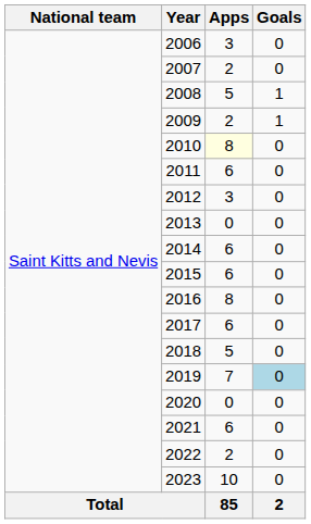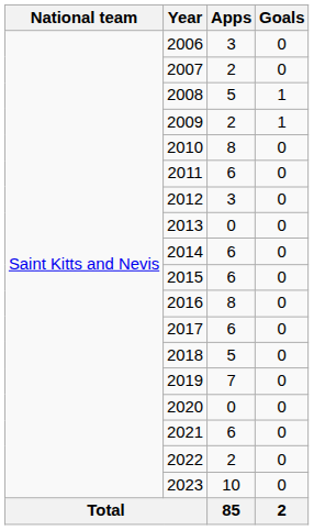 <table class="wikitable" style="text-align:center">
 <tr>
 <th>National team</th>
 <th>Year</th>
 <th>Apps</th>
 <th>Goals</th>
 </tr>
 <tr>
 <td rowspan="18"><a href='#'>Saint Kitts and Nevis</a></td>
 <td>2006</td>
 <td>3</td>
 <td>0</td>
 </tr>
 <tr>
 <td>2007</td>
 <td>2</td>
 <td>0</td>
 </tr>
 <tr>
 <td>2008</td>
 <td>5</td>
 <td>1</td>
 </tr>
 <tr>
 <td>2009</td>
 <td>2</td>
 <td>1</td>
 </tr>
 <tr>
 <td>2010</td>
-<td style="background: lightyellow;">8</td>
+<td>8</td>
 <td>0</td>
 </tr>
 <tr>
 <td>2011</td>
 <td>6</td>
 <td>0</td>
 </tr>
 <tr>
 <td>2012</td>
 <td>3</td>
 <td>0</td>
 </tr>
 <tr>
 <td>2013</td>
 <td>0</td>
 <td>0</td>
 </tr>
 <tr>
 <td>2014</td>
 <td>6</td>
 <td>0</td>
 </tr>
 <tr>
 <td>2015</td>
 <td>6</td>
 <td>0</td>
 </tr>
 <tr>
 <td>2016</td>
 <td>8</td>
 <td>0</td>
 </tr>
 <tr>
 <td>2017</td>
 <td>6</td>
 <td>0</td>
 </tr>
 <tr>
 <td>2018</td>
 <td>5</td>
 <td>0</td>
 </tr>
 <tr>
 <td>2019</td>
 <td>7</td>
-<td style="background: lightblue;">0</td>
+<td>0</td>
 </tr>
 <tr>
 <td>2020</td>
 <td>0</td>
 <td>0</td>
 </tr>
 <tr>
 <td>2021</td>
 <td>6</td>
 <td>0</td>
 </tr>
 <tr>
 <td>2022</td>
 <td>2</td>
 <td>0</td>
 </tr>
 <tr>
 <td>2023</td>
 <td>10</td>
 <td>0</td>
 </tr>
 <tr>
 <th colspan="2">Total</th>
 <th>85</th>
 <th>2</th>
 </tr>
 </table>
